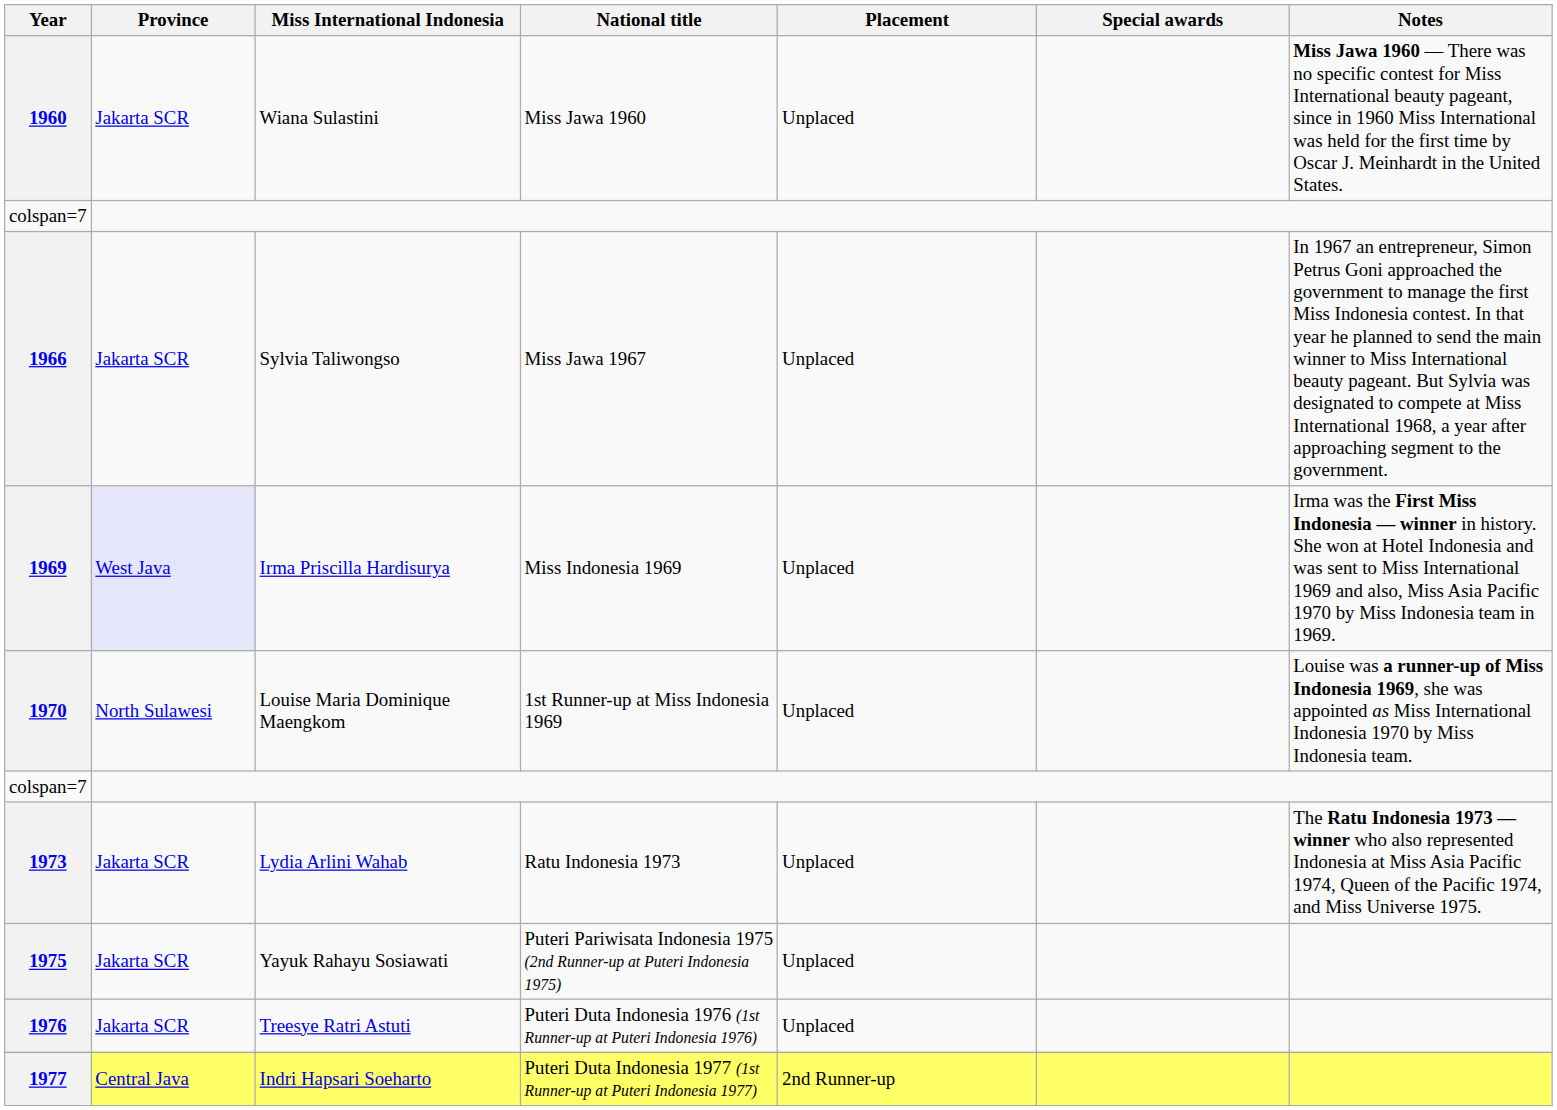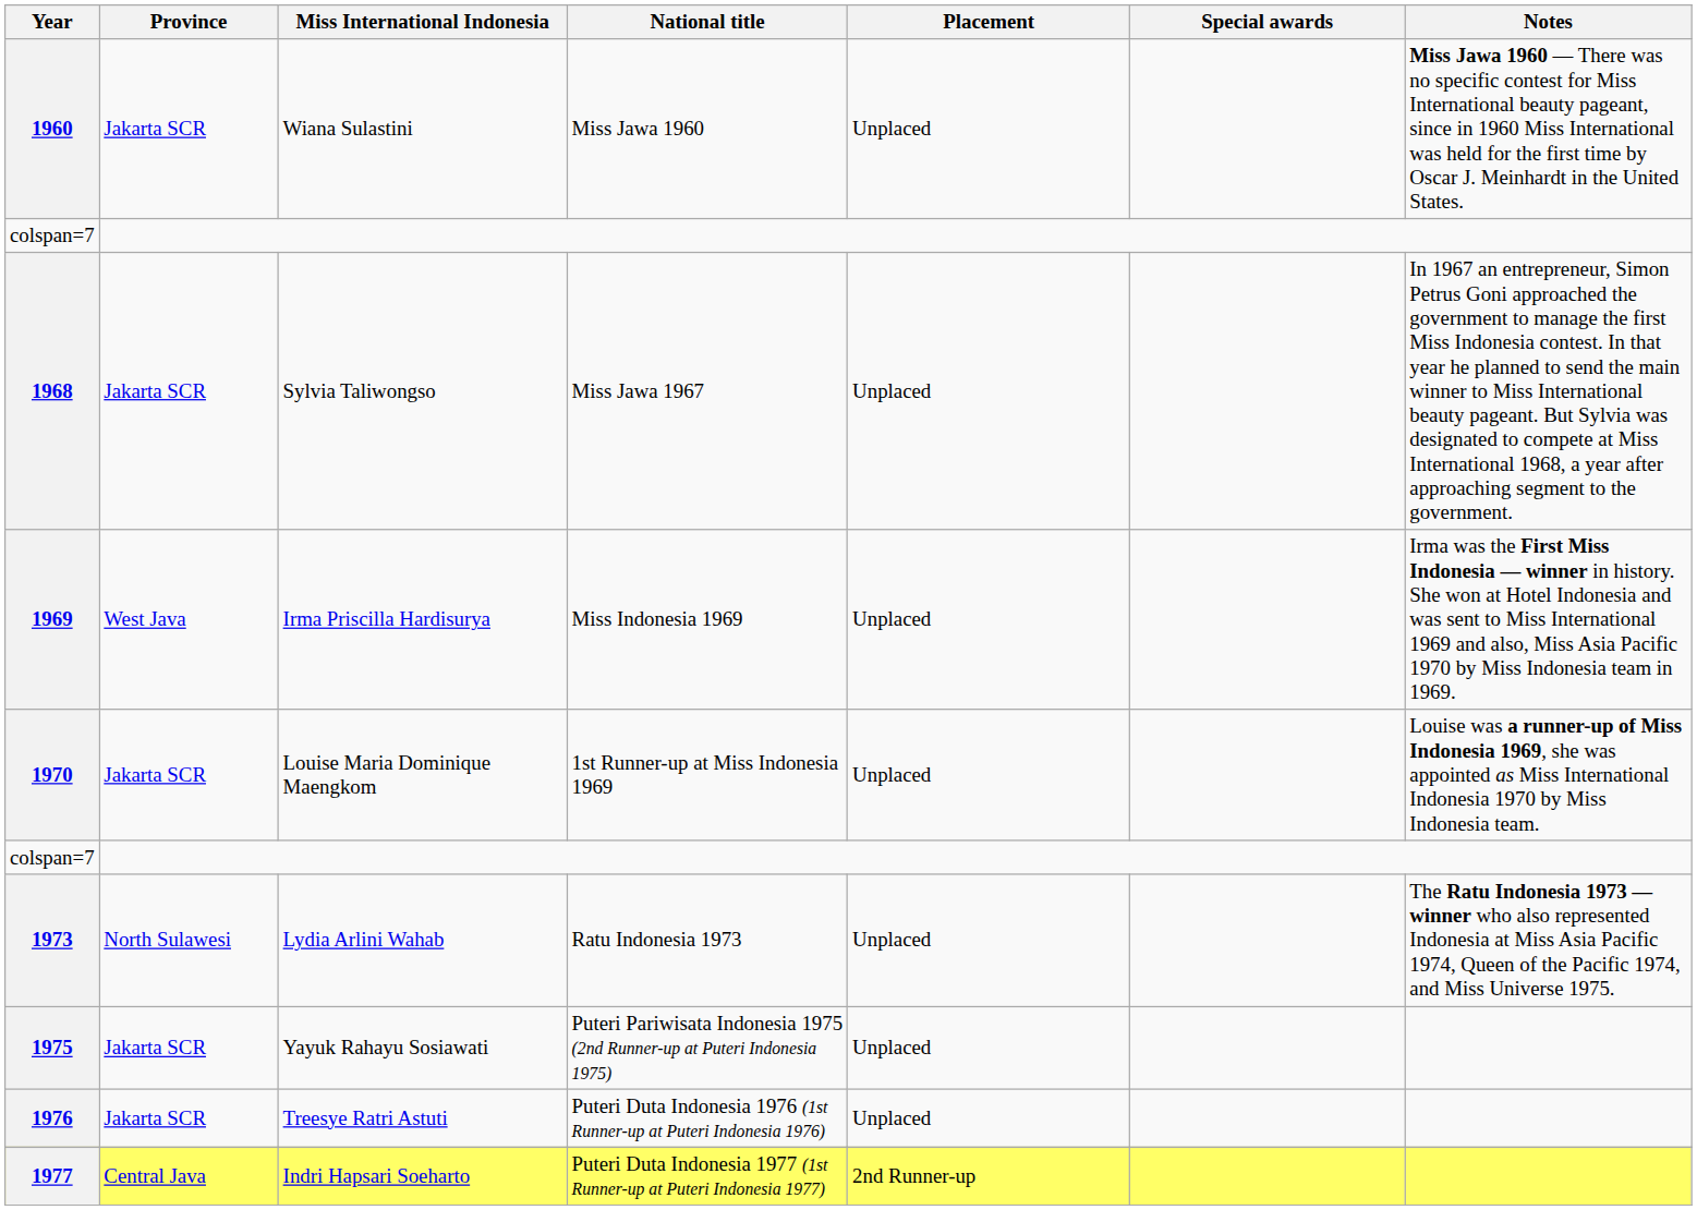 <table class="wikitable " style="font-size: 95%;">
 <tr>
 <th width="60">Year</th>
 <th width="150">Province</th>
 <th width="250">Miss International Indonesia</th>
 <th width="250">National title</th>
 <th width="250">Placement</th>
 <th width="250">Special awards</th>
 <th width="250">Notes</th>
 </tr>
 <tr>
 <th><a href='#'>1960</a></th>
 <td><a href='#'>Jakarta SCR</a></td>
 <td>Wiana Sulastini</td>
 <td>Miss Jawa 1960</td>
 <td>Unplaced</td>
 <td></td>
 <td><strong>Miss Jawa 1960</strong> ― There was no specific contest for Miss International beauty pageant, since in 1960 Miss International was held for the first time by Oscar J. Meinhardt in the United States.</td>
 </tr>
 <tr>
 <td>colspan=7 </td>
 </tr>
 <tr>
-<th><a href='#'>1966</a></th>
+<th><a href='#'>1968</a></th>
 <td><a href='#'>Jakarta SCR</a></td>
 <td>Sylvia Taliwongso</td>
 <td>Miss Jawa 1967</td>
 <td>Unplaced</td>
 <td></td>
 <td>In 1967 an entrepreneur, Simon Petrus Goni approached the government to manage the first Miss Indonesia contest. In that year he planned to send the main winner to Miss International beauty pageant. But Sylvia was designated to compete at Miss International 1968, a year after approaching segment to the government.</td>
 </tr>
 <tr>
 <th><a href='#'>1969</a></th>
-<td style="background: lavender;"><a href='#'>West Java</a></td>
+<td><a href='#'>West Java</a></td>
 <td><a href='#'>Irma Priscilla Hardisurya</a></td>
 <td>Miss Indonesia 1969</td>
 <td>Unplaced</td>
 <td></td>
 <td>Irma was the <strong>First Miss Indonesia ― winner</strong> in history. She won at Hotel Indonesia and was sent to Miss International 1969 and also, Miss Asia Pacific 1970 by Miss Indonesia team in 1969.</td>
 </tr>
 <tr>
 <th><a href='#'>1970</a></th>
-<td><a href='#'>North Sulawesi</a></td>
+<td><a href='#'>Jakarta SCR</a></td>
 <td>Louise Maria Dominique Maengkom</td>
 <td>1st Runner-up at Miss Indonesia 1969</td>
 <td>Unplaced</td>
 <td></td>
 <td>Louise was <strong>a runner-up of Miss Indonesia 1969</strong>, she was appointed <em>as</em> Miss International Indonesia 1970 by Miss Indonesia team.</td>
 </tr>
 <tr>
 <td>colspan=7 </td>
 </tr>
 <tr>
 <th><a href='#'>1973</a></th>
-<td><a href='#'>Jakarta SCR</a></td>
+<td><a href='#'>North Sulawesi</a></td>
 <td><a href='#'>Lydia Arlini Wahab</a></td>
 <td>Ratu Indonesia 1973</td>
 <td>Unplaced</td>
 <td></td>
 <td>The <strong>Ratu Indonesia 1973 — winner</strong> who also represented Indonesia at Miss Asia Pacific 1974, Queen of the Pacific 1974, and Miss Universe 1975.</td>
 </tr>
 <tr>
 <th><a href='#'>1975</a></th>
 <td><a href='#'>Jakarta SCR</a></td>
 <td>Yayuk Rahayu Sosiawati</td>
 <td>Puteri Pariwisata Indonesia 1975 <small><em>(2nd Runner-up at Puteri Indonesia 1975)</em></small></td>
 <td>Unplaced</td>
 <td></td>
 <td></td>
 </tr>
 <tr>
 <th><a href='#'>1976</a></th>
 <td><a href='#'>Jakarta SCR</a></td>
 <td><a href='#'>Treesye Ratri Astuti</a></td>
 <td>Puteri Duta Indonesia 1976 <small><em>(1st Runner-up at Puteri Indonesia 1976)</em></small></td>
 <td>Unplaced</td>
 <td></td>
 <td></td>
 </tr>
 <tr>
 </tr>
 <tr style="background-color:#FFFF66; ">
 <th><a href='#'>1977</a></th>
 <td><a href='#'>Central Java</a></td>
 <td><a href='#'>Indri Hapsari Soeharto</a></td>
 <td>Puteri Duta Indonesia 1977 <small><em>(1st Runner-up at Puteri Indonesia 1977)</em></small></td>
 <td>2nd Runner-up</td>
 <td></td>
 <td></td>
 </tr>
 <tr>
 </tr>
 </table>
